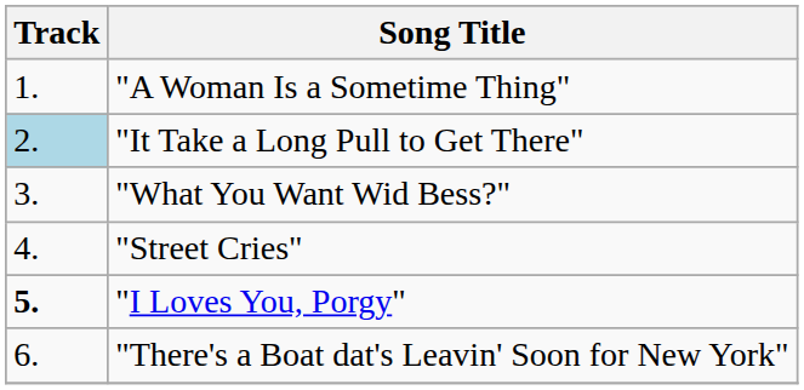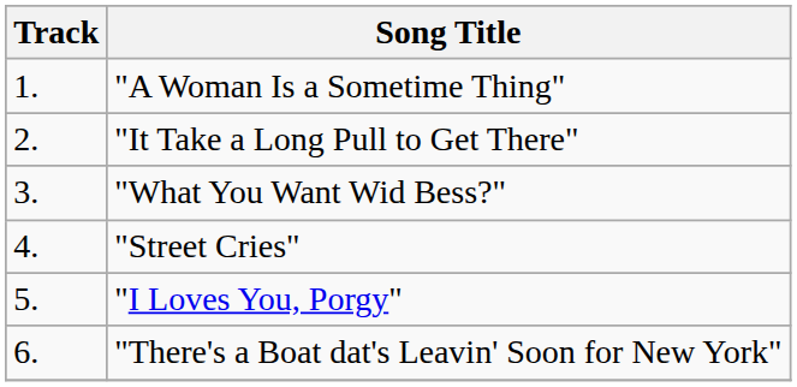 <table class="wikitable">
 <tr>
 <th>Track</th>
 <th>Song Title</th>
 </tr>
 <tr>
 <td>1.</td>
 <td>"A Woman Is a Sometime Thing"</td>
 </tr>
 <tr>
-<td style="background: lightblue;">2.</td>
+<td>2.</td>
 <td>"It Take a Long Pull to Get There"</td>
 </tr>
 <tr>
 <td>3.</td>
 <td>"What You Want Wid Bess?"</td>
 </tr>
 <tr>
 <td>4.</td>
 <td>"Street Cries"</td>
 </tr>
 <tr>
-<td><strong>5.</strong></td>
+<td>5.</td>
 <td>"<a href='#'>I Loves You, Porgy</a>"</td>
 </tr>
 <tr>
 <td>6.</td>
 <td>"There's a Boat dat's Leavin' Soon for New York"</td>
 </tr>
 <tr>
 </tr>
 </table>
